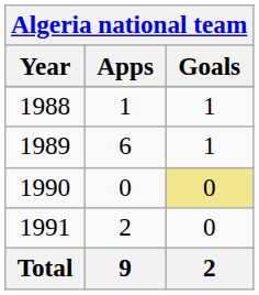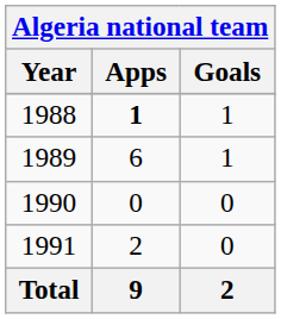 <table class="wikitable" style="text-align:center">
 <tr>
 <th colspan=3><a href='#'>Algeria national team</a></th>
 </tr>
 <tr>
 <th>Year</th>
 <th>Apps</th>
 <th>Goals</th>
 </tr>
 <tr>
 </tr>
 <tr>
 <td>1988</td>
-<td>1</td>
+<td><strong>1</strong></td>
 <td>1</td>
 </tr>
 <tr>
 <td>1989</td>
 <td>6</td>
 <td>1</td>
 </tr>
 <tr>
 <td>1990</td>
 <td>0</td>
-<td style="background: khaki;">0</td>
+<td>0</td>
 </tr>
 <tr>
 <td>1991</td>
 <td>2</td>
 <td>0</td>
 </tr>
 <tr>
 <th>Total</th>
 <th>9</th>
 <th>2</th>
 </tr>
 </table>
